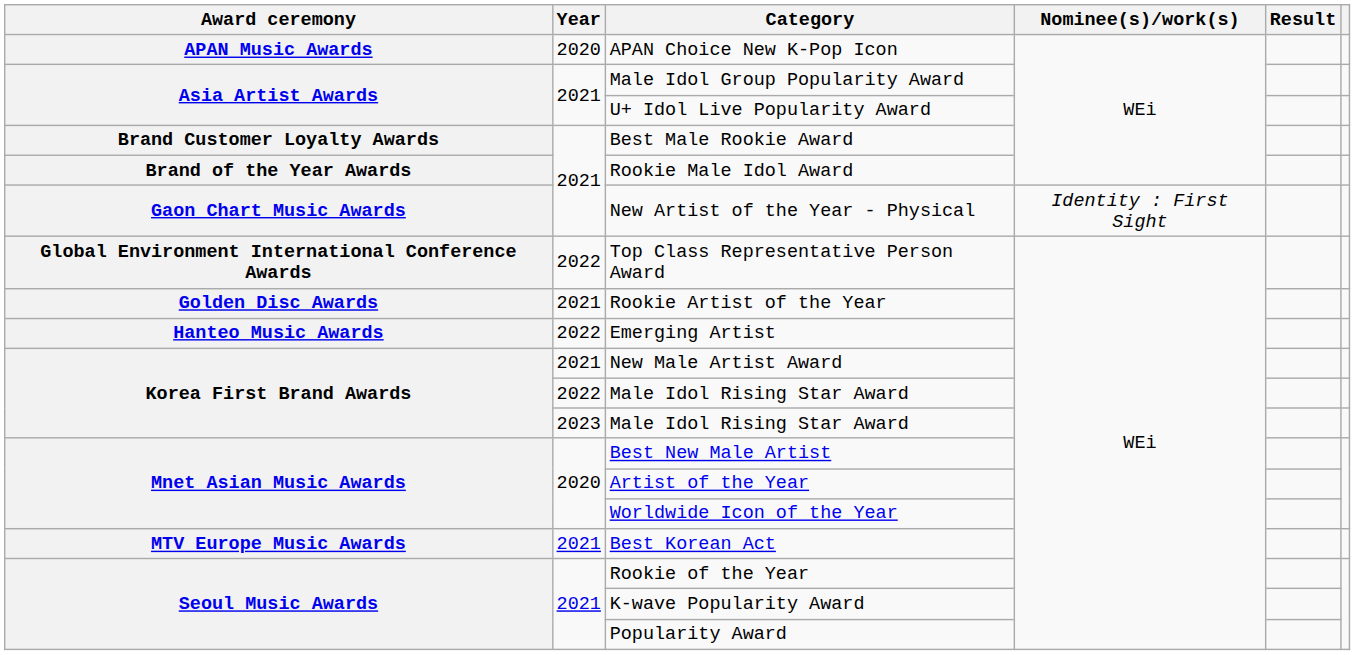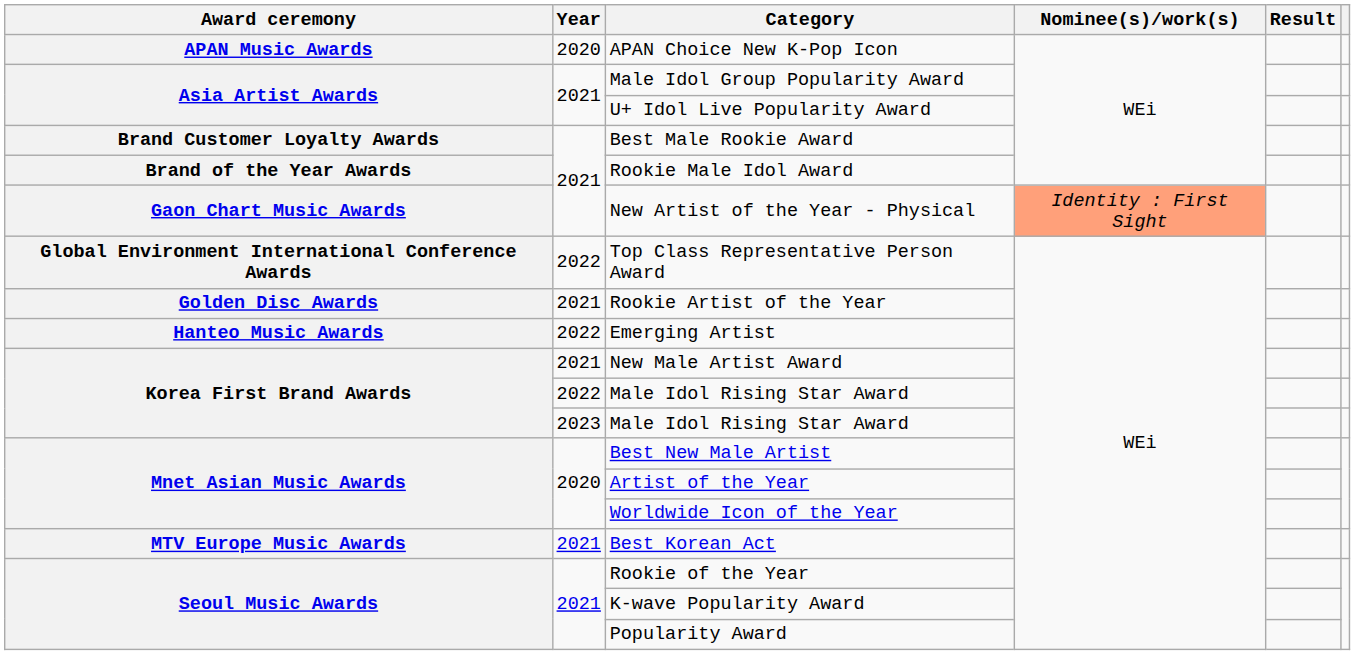 <table class="wikitable sortable plainrowheaders" style="width:75%">
 <tr>
 <th scope="col">Award ceremony </th>
 <th scope="col">Year</th>
 <th scope="col">Category</th>
 <th scope="col">Nominee(s)/work(s)</th>
 <th scope="col">Result</th>
 <th scope="col" class="unsortable"></th>
 </tr>
 <tr>
 <th scope="row"><a href='#'>APAN Music Awards</a></th>
 <td style="text-align:center">2020</td>
 <td>APAN Choice New K-Pop Icon</td>
 <td style="text-align:center" rowspan="5">WEi</td>
 <td></td>
 <td style="text-align:center"></td>
 </tr>
 <tr>
 <th scope="row" rowspan="2"><a href='#'>Asia Artist Awards</a></th>
 <td style="text-align:center" rowspan="2">2021</td>
 <td>Male Idol Group Popularity Award</td>
 <td></td>
 <td style="text-align:center"></td>
 </tr>
 <tr>
 <td>U+ Idol Live Popularity Award</td>
 <td></td>
 <td style="text-align:center"></td>
 </tr>
 <tr>
 <th scope="row">Brand Customer Loyalty Awards</th>
 <td rowspan="3" style="text-align:center">2021</td>
 <td>Best Male Rookie Award</td>
 <td></td>
 <td style="text-align:center"></td>
 </tr>
 <tr>
 <th scope="row">Brand of the Year Awards</th>
 <td>Rookie Male Idol Award</td>
 <td></td>
 <td style="text-align:center"></td>
 </tr>
 <tr>
 <th scope="row"><a href='#'>Gaon Chart Music Awards</a></th>
 <td>New Artist of the Year - Physical</td>
-<td style="text-align:center"><em>Identity : First Sight</em></td>
+<td style="background: lightsalmon; text-align:center"><em>Identity : First Sight</em></td>
 <td></td>
 <td style="text-align:center"></td>
 </tr>
 <tr>
 <th scope="row">Global Environment International Conference Awards</th>
 <td style="text-align:center">2022</td>
 <td>Top Class Representative Person Award</td>
 <td rowspan="13" style="text-align:center">WEi</td>
 <td></td>
 <td style="text-align:center"></td>
 </tr>
 <tr>
 <th scope="row"><a href='#'>Golden Disc Awards</a></th>
 <td style="text-align:center">2021</td>
 <td>Rookie Artist of the Year</td>
 <td></td>
 <td style="text-align:center"></td>
 </tr>
 <tr>
 <th scope="row"><a href='#'>Hanteo Music Awards</a></th>
 <td style="text-align:center">2022</td>
 <td>Emerging Artist</td>
 <td></td>
 <td style="text-align:center"></td>
 </tr>
 <tr>
 <th scope="row" rowspan="3">Korea First Brand Awards</th>
 <td style="text-align:center">2021</td>
 <td>New Male Artist Award</td>
 <td></td>
 <td style="text-align:center"></td>
 </tr>
 <tr>
 <td style="text-align:center">2022</td>
 <td>Male Idol Rising Star Award</td>
 <td></td>
 <td style="text-align:center"></td>
 </tr>
 <tr>
 <td style="text-align:center">2023</td>
 <td>Male Idol Rising Star Award</td>
 <td></td>
 <td style="text-align:center"></td>
 </tr>
 <tr>
 <th scope="row" rowspan="3"><a href='#'>Mnet Asian Music Awards</a></th>
 <td style="text-align:center" rowspan="3">2020</td>
 <td><a href='#'>Best New Male Artist</a></td>
 <td></td>
 <td rowspan="3" style="text-align:center"></td>
 </tr>
 <tr>
 <td><a href='#'>Artist of the Year</a></td>
 <td></td>
 </tr>
 <tr>
 <td><a href='#'>Worldwide Icon of the Year</a></td>
 <td></td>
 </tr>
 <tr>
 <th scope="row"><a href='#'>MTV Europe Music Awards</a></th>
 <td style="text-align:center"><a href='#'>2021</a></td>
 <td><a href='#'>Best Korean Act</a></td>
 <td></td>
 <td style="text-align:center"></td>
 </tr>
 <tr>
 <th scope="row" rowspan="3"><a href='#'>Seoul Music Awards</a></th>
 <td rowspan="3" style="text-align:center"><a href='#'>2021</a></td>
 <td>Rookie of the Year</td>
 <td></td>
 <td rowspan="3" style="text-align:center"></td>
 </tr>
 <tr>
 <td>K-wave Popularity Award</td>
 <td></td>
 </tr>
 <tr>
 <td>Popularity Award</td>
 <td></td>
 </tr>
 </table>
